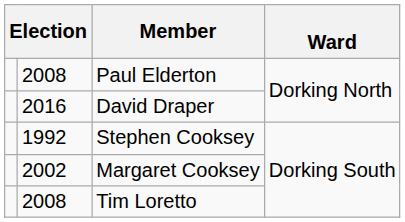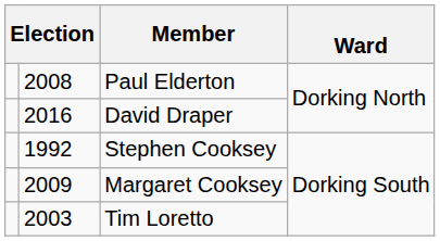 <table class="wikitable">
 <tr>
 <th colspan="2">Election</th>
 <th>Member</th>
 <th><br>Ward</th>
 </tr>
 <tr>
 <td style="background-color: "></td>
 <td>2008</td>
 <td>Paul Elderton</td>
 <td rowspan=2>Dorking North</td>
 </tr>
 <tr>
 <td style="background-color: "></td>
 <td>2016</td>
 <td>David Draper</td>
 </tr>
 <tr>
 <td style="background-color: "></td>
 <td>1992</td>
 <td>Stephen Cooksey</td>
 <td rowspan=3>Dorking South</td>
 </tr>
 <tr>
 <td style="background-color: "></td>
-<td>2002</td>
+<td>2009</td>
 <td>Margaret Cooksey</td>
 </tr>
 <tr>
 <td style="background-color: "></td>
-<td>2008</td>
+<td>2003</td>
 <td>Tim Loretto</td>
 </tr>
 </table>
